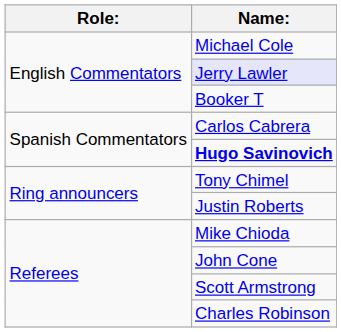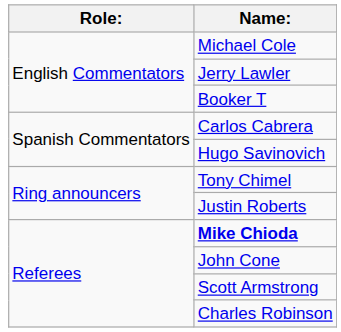 <table class=wikitable style="font-size:90%; margin: 0.5em 0 0.5em 1em; float: right; clear: right;">
 <tr>
 <th>Role:</th>
 <th>Name:</th>
 </tr>
 <tr>
 <td rowspan=3>English <a href='#'>Commentators</a></td>
 <td><a href='#'>Michael Cole</a></td>
 </tr>
 <tr>
-<td style="background: lavender;"><a href='#'>Jerry Lawler</a></td>
+<td><a href='#'>Jerry Lawler</a></td>
 </tr>
 <tr>
 <td><a href='#'>Booker T</a></td>
 </tr>
 <tr>
 <td rowspan=2>Spanish Commentators</td>
 <td><a href='#'>Carlos Cabrera</a></td>
 </tr>
 <tr>
-<td><strong><a href='#'>Hugo Savinovich</a></strong></td>
+<td><a href='#'>Hugo Savinovich</a></td>
 </tr>
 <tr>
 <td rowspan=2><a href='#'>Ring announcers</a></td>
 <td><a href='#'>Tony Chimel</a></td>
 </tr>
 <tr>
 <td><a href='#'>Justin Roberts</a></td>
 </tr>
 <tr>
 <td rowspan=4><a href='#'>Referees</a></td>
-<td><a href='#'>Mike Chioda</a></td>
+<td><strong><a href='#'>Mike Chioda</a></strong></td>
 </tr>
 <tr>
 <td><a href='#'>John Cone</a></td>
 </tr>
 <tr>
 <td><a href='#'>Scott Armstrong</a></td>
 </tr>
 <tr>
 <td><a href='#'>Charles Robinson</a></td>
 </tr>
 </table>
